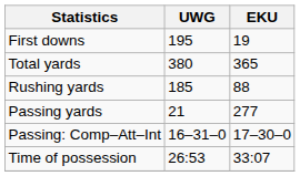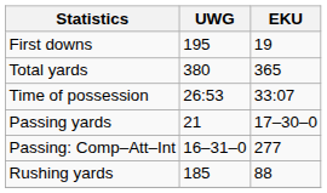 <table class="wikitable" style="float: left;">
 <tr>
 <th>Statistics</th>
 <th>UWG</th>
 <th>EKU</th>
 </tr>
 <tr>
 <td>First downs</td>
 <td>195</td>
 <td>19</td>
 </tr>
 <tr>
 <td>Total yards</td>
 <td>380</td>
 <td>365</td>
 </tr>
 <tr>
+<td>Time of possession</td>
+<td>26:53</td>
+<td>33:07</td>
+</tr>
+<tr>
+<td>Passing yards</td>
+<td>21</td>
+<td>17–30–0</td>
+</tr>
+<tr>
+<td>Passing: Comp–Att–Int</td>
+<td>16–31–0</td>
+<td>277</td>
+</tr>
+<tr>
 <td>Rushing yards</td>
 <td>185</td>
 <td>88</td>
 </tr>
 <tr>
-<td>Passing yards</td>
-<td>21</td>
-<td>277</td>
-</tr>
-<tr>
-<td>Passing: Comp–Att–Int</td>
-<td>16–31–0</td>
-<td>17–30–0</td>
-</tr>
-<tr>
-<td>Time of possession</td>
-<td>26:53</td>
-<td>33:07</td>
-</tr>
-<tr>
 </tr>
 </table>
